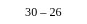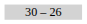 <table style="text-align:center">
 <tr>
 <th width=200></th>
 <th width=100></th>
 <th width=200></th>
 </tr>
 <tr>
 <td align=right><strong></strong></td>
-<td>30 – 26</td>
+<td style="background: lightgrey;">30 – 26</td>
 <td align=left></td>
 </tr>
 </table>
